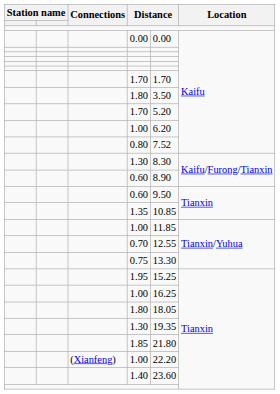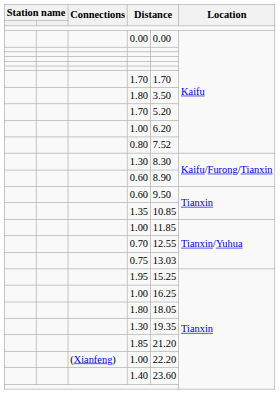 <table class="wikitable">
 <tr>
 <th colspan="2">Station name</th>
 <th rowspan="2">Connections</th>
 <th colspan="2" rowspan="2">Distance<br></th>
 <th rowspan="2">Location</th>
 </tr>
 <tr>
 <th></th>
 <th></th>
 </tr>
 <tr style="background:#">
 <td colspan = "6"></td>
 </tr>
 <tr>
 <td></td>
 <td></td>
 <td></td>
 <td>0.00</td>
 <td>0.00</td>
 <td rowspan="11"><a href='#'>Kaifu</a></td>
 </tr>
 <tr>
 <td></td>
 <td></td>
 <td></td>
 <td></td>
 <td></td>
 </tr>
 <tr>
 <td></td>
 <td></td>
 <td></td>
 <td></td>
 <td></td>
 </tr>
 <tr>
 <td></td>
 <td></td>
 <td></td>
 <td></td>
 <td></td>
 </tr>
 <tr>
 <td></td>
 <td></td>
 <td></td>
 <td></td>
 <td></td>
 </tr>
 <tr>
 <td></td>
 <td></td>
 <td></td>
 <td></td>
 <td></td>
 </tr>
 <tr>
 <td></td>
 <td></td>
 <td></td>
 <td>1.70</td>
 <td>1.70</td>
 </tr>
 <tr>
 <td></td>
 <td></td>
 <td></td>
 <td>1.80</td>
 <td>3.50</td>
 </tr>
 <tr>
 <td></td>
 <td></td>
 <td></td>
 <td>1.70</td>
 <td>5.20</td>
 </tr>
 <tr>
 <td></td>
 <td></td>
 <td></td>
 <td>1.00</td>
 <td>6.20</td>
 </tr>
 <tr>
 <td></td>
 <td></td>
 <td></td>
 <td>0.80</td>
 <td>7.52</td>
 </tr>
 <tr>
 <td></td>
 <td></td>
 <td></td>
 <td>1.30</td>
 <td>8.30</td>
 <td rowspan=2><a href='#'>Kaifu</a>/<a href='#'>Furong</a>/<a href='#'>Tianxin</a></td>
 </tr>
 <tr>
 <td></td>
 <td></td>
 <td></td>
 <td>0.60</td>
 <td>8.90</td>
 </tr>
 <tr>
 <td></td>
 <td></td>
 <td></td>
 <td>0.60</td>
 <td>9.50</td>
 <td Rowspan=2><a href='#'>Tianxin</a></td>
 </tr>
 <tr>
 <td></td>
 <td></td>
 <td></td>
 <td>1.35</td>
 <td>10.85</td>
 </tr>
 <tr>
 <td></td>
 <td></td>
 <td></td>
 <td>1.00</td>
 <td>11.85</td>
 <td rowspan=3><a href='#'>Tianxin</a>/<a href='#'>Yuhua</a></td>
 </tr>
 <tr>
 <td></td>
 <td></td>
 <td></td>
 <td>0.70</td>
 <td>12.55</td>
 </tr>
 <tr>
 <td></td>
 <td></td>
 <td></td>
 <td>0.75</td>
-<td>13.30</td>
+<td>13.03</td>
 </tr>
 <tr>
 <td></td>
 <td></td>
 <td></td>
 <td>1.95</td>
 <td>15.25</td>
 <td rowspan=8><a href='#'>Tianxin</a></td>
 </tr>
 <tr>
 <td></td>
 <td></td>
 <td></td>
 <td>1.00</td>
 <td>16.25</td>
 </tr>
 <tr>
 <td></td>
 <td></td>
 <td></td>
 <td>1.80</td>
 <td>18.05</td>
 </tr>
 <tr>
 <td></td>
 <td></td>
 <td></td>
 <td>1.30</td>
 <td>19.35</td>
 </tr>
 <tr>
 <td></td>
 <td></td>
 <td></td>
 <td>1.85</td>
-<td>21.80</td>
+<td>21.20</td>
 </tr>
 <tr>
 <td></td>
 <td></td>
 <td> (<a href='#'>Xianfeng</a>)</td>
 <td>1.00</td>
 <td>22.20</td>
 </tr>
 <tr>
 <td></td>
 <td></td>
 <td></td>
 <td>1.40</td>
 <td>23.60</td>
 </tr>
 <tr style="background:#">
 <td colspan = "6"></td>
 </tr>
 </table>
